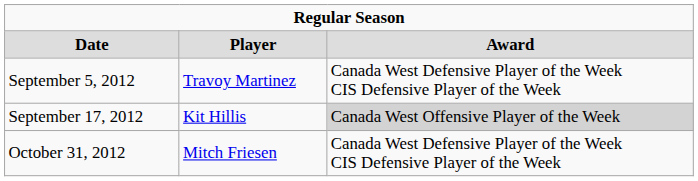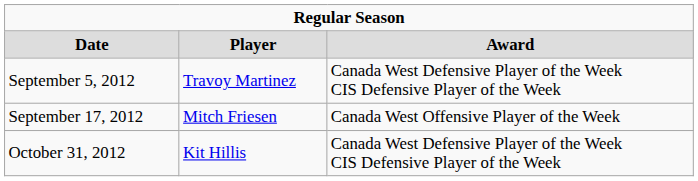 <table class="wikitable" width="52%">
 <tr>
 <td colspan="10" align="center"><strong>Regular Season</strong></td>
 </tr>
 <tr align="center"  bgcolor="#dddddd">
 <td><strong>Date</strong></td>
 <td><strong>Player</strong></td>
 <td><strong>Award</strong></td>
 </tr>
 <tr>
 <td>September 5, 2012</td>
 <td><a href='#'>Travoy Martinez</a></td>
 <td>Canada West Defensive Player of the Week<br>CIS Defensive Player of the Week</td>
 </tr>
 <tr>
 <td>September 17, 2012</td>
-<td><a href='#'>Kit Hillis</a></td>
-<td style="background: lightgrey;">Canada West Offensive Player of the Week</td>
+<td><a href='#'>Mitch Friesen</a></td>
+<td>Canada West Offensive Player of the Week</td>
 </tr>
 <tr>
 <td>October 31, 2012</td>
-<td><a href='#'>Mitch Friesen</a></td>
+<td><a href='#'>Kit Hillis</a></td>
 <td>Canada West Defensive Player of the Week<br> CIS Defensive Player of the Week</td>
 </tr>
 </table>
